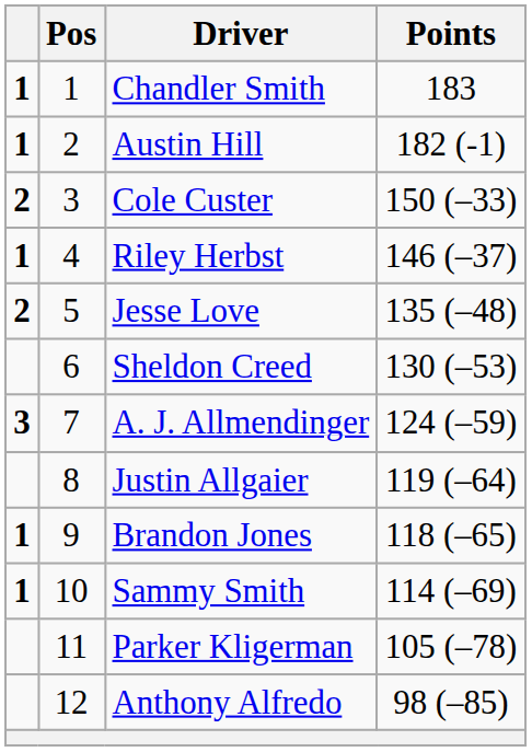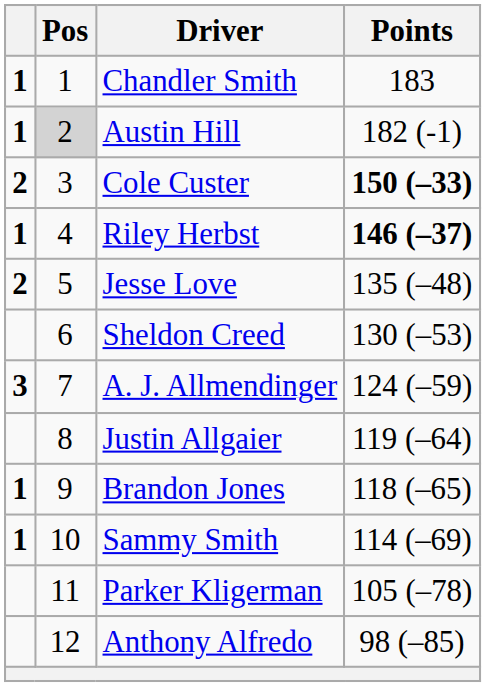 <table class="wikitable" style="font-size: 95%;">
 <tr>
 <th></th>
 <th>Pos</th>
 <th>Driver</th>
 <th>Points</th>
 </tr>
 <tr>
 <td align="left"> <strong>1</strong></td>
 <td style="text-align:center;">1</td>
 <td><a href='#'>Chandler Smith</a></td>
 <td style="text-align:center;">183</td>
 </tr>
 <tr>
 <td align="left"> <strong>1</strong></td>
-<td style="text-align:center;">2</td>
+<td style="background: lightgrey; text-align:center;">2</td>
 <td><a href='#'>Austin Hill</a></td>
 <td style="text-align:center;">182 (-1)</td>
 </tr>
 <tr>
 <td align="left"> <strong>2</strong></td>
 <td style="text-align:center;">3</td>
 <td><a href='#'>Cole Custer</a></td>
-<td style="text-align:center;">150 (–33)</td>
+<td style="text-align:center;"><strong>150 (–33)</strong></td>
 </tr>
 <tr>
 <td align="left"> <strong>1</strong></td>
 <td style="text-align:center;">4</td>
 <td><a href='#'>Riley Herbst</a></td>
-<td style="text-align:center;">146 (–37)</td>
+<td style="text-align:center;"><strong>146 (–37)</strong></td>
 </tr>
 <tr>
 <td align="left"> <strong>2</strong></td>
 <td style="text-align:center;">5</td>
 <td><a href='#'>Jesse Love</a></td>
 <td style="text-align:center;">135 (–48)</td>
 </tr>
 <tr>
 <td align="left"></td>
 <td style="text-align:center;">6</td>
 <td><a href='#'>Sheldon Creed</a></td>
 <td style="text-align:center;">130 (–53)</td>
 </tr>
 <tr>
 <td align="left"> <strong>3</strong></td>
 <td style="text-align:center;">7</td>
 <td><a href='#'>A. J. Allmendinger</a></td>
 <td style="text-align:center;">124 (–59)</td>
 </tr>
 <tr>
 <td align="left"></td>
 <td style="text-align:center;">8</td>
 <td><a href='#'>Justin Allgaier</a></td>
 <td style="text-align:center;">119 (–64)</td>
 </tr>
 <tr>
 <td align="left"> <strong>1</strong></td>
 <td style="text-align:center;">9</td>
 <td><a href='#'>Brandon Jones</a></td>
 <td style="text-align:center;">118 (–65)</td>
 </tr>
 <tr>
 <td align="left"> <strong>1</strong></td>
 <td style="text-align:center;">10</td>
 <td><a href='#'>Sammy Smith</a></td>
 <td style="text-align:center;">114 (–69)</td>
 </tr>
 <tr>
 <td align="left"></td>
 <td style="text-align:center;">11</td>
 <td><a href='#'>Parker Kligerman</a></td>
 <td style="text-align:center;">105 (–78)</td>
 </tr>
 <tr>
 <td align="left"></td>
 <td style="text-align:center;">12</td>
 <td><a href='#'>Anthony Alfredo</a></td>
 <td style="text-align:center;">98 (–85)</td>
 </tr>
 <tr class="sortbottom">
 <th colspan="9"></th>
 </tr>
 </table>
